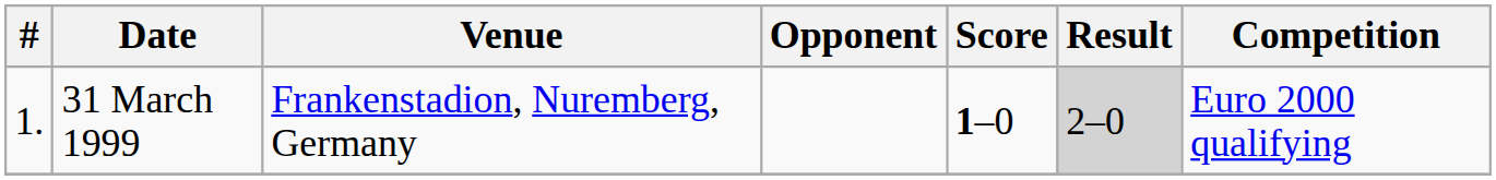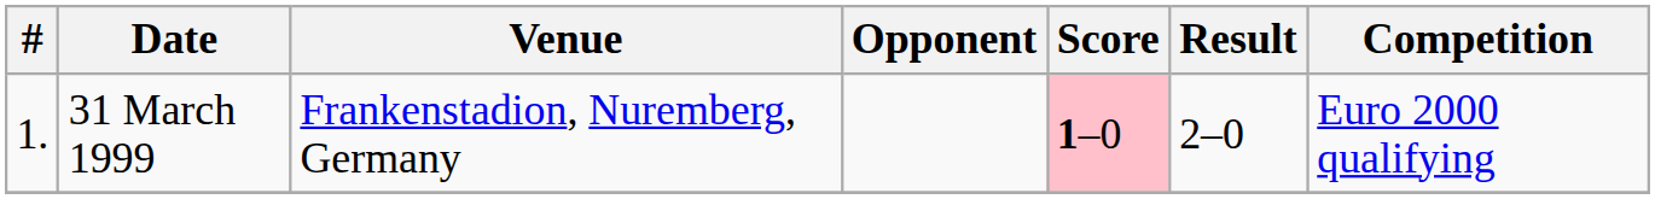 <table class="wikitable">
 <tr>
 <th>#</th>
 <th>Date</th>
 <th>Venue</th>
 <th>Opponent</th>
 <th>Score</th>
 <th>Result</th>
 <th>Competition</th>
 </tr>
 <tr>
 <td>1.</td>
 <td>31 March 1999</td>
 <td><a href='#'>Frankenstadion</a>, <a href='#'>Nuremberg</a>, Germany</td>
 <td></td>
-<td><strong>1</strong>–0</td>
-<td style="background: lightgrey;">2–0</td>
+<td style="background: pink;"><strong>1</strong>–0</td>
+<td>2–0</td>
 <td><a href='#'>Euro 2000 qualifying</a></td>
 </tr>
 <tr>
 </tr>
 </table>
